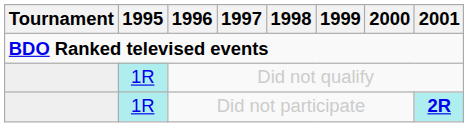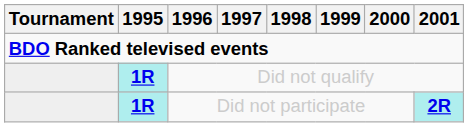 <table class="wikitable" style="width:25%; margin:0">
 <tr>
 <th>Tournament</th>
 <th>1995</th>
 <th>1996</th>
 <th>1997</th>
 <th>1998</th>
 <th>1999</th>
 <th>2000</th>
 <th>2001</th>
 </tr>
 <tr>
 <td colspan="8" align="left"><strong><a href='#'>BDO</a> Ranked televised events</strong></td>
 </tr>
 <tr>
 <td style="background:#efefef;"></td>
-<td style="text-align:center; background:#afeeee;"><a href='#'>1R</a></td>
+<td style="text-align:center; background:#afeeee;"><strong><a href='#'>1R</a></strong></td>
 <td colspan="9" style="text-align:center; color:#ccc;">Did not qualify</td>
 </tr>
 <tr>
 <td style="background:#efefef;"></td>
-<td style="text-align:center; background:#afeeee;"><a href='#'>1R</a></td>
+<td style="text-align:center; background:#afeeee;"><strong><a href='#'>1R</a></strong></td>
 <td colspan="5" style="text-align:center; color:#ccc;">Did not participate</td>
 <td style="text-align:center; background:#afeeee;"><strong><a href='#'>2R</a></strong></td>
 </tr>
 </table>
